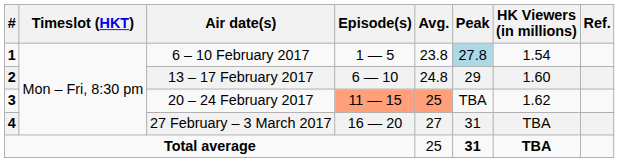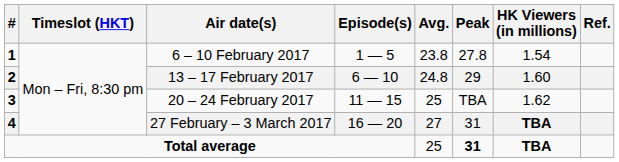 <table class="wikitable" style="text-align:center;">
 <tr>
 <th>#</th>
 <th>Timeslot (<a href='#'>HKT</a>)</th>
 <th>Air date(s)</th>
 <th>Episode(s)</th>
 <th>Avg.</th>
 <th>Peak</th>
 <th>HK Viewers<br>(in millions)</th>
 <th>Ref.</th>
 </tr>
 <tr>
 <td><strong>1</strong></td>
 <td rowspan="4">Mon – Fri, 8:30 pm</td>
 <td>6 – 10 February 2017</td>
 <td>1 — 5</td>
 <td>23.8</td>
-<td style="background: lightblue;">27.8</td>
+<td>27.8</td>
 <td>1.54</td>
 <td></td>
 </tr>
 <tr ---- bgcolor="#F2F2F2">
 <td><strong>2</strong></td>
 <td>13 – 17 February 2017</td>
 <td>6 — 10</td>
 <td>24.8</td>
 <td>29</td>
 <td>1.60</td>
 <td></td>
 </tr>
 <tr>
 <td><strong>3</strong></td>
 <td>20 – 24 February 2017</td>
-<td style="background: lightsalmon;">11 — 15</td>
-<td style="background: lightsalmon;">25</td>
+<td>11 — 15</td>
+<td>25</td>
 <td>TBA</td>
 <td>1.62</td>
 <td></td>
 </tr>
 <tr ---- bgcolor="#F2F2F2">
 <td><strong>4</strong></td>
 <td>27 February – 3 March 2017</td>
 <td>16 — 20</td>
 <td>27</td>
 <td>31</td>
-<td>TBA</td>
+<td><strong>TBA</strong></td>
 <td></td>
 </tr>
 <tr>
 <td colspan="4"><strong>Total average</strong></td>
 <td>25</td>
 <td><strong>31</strong></td>
 <td><strong>TBA</strong></td>
 <td></td>
 </tr>
 </table>
